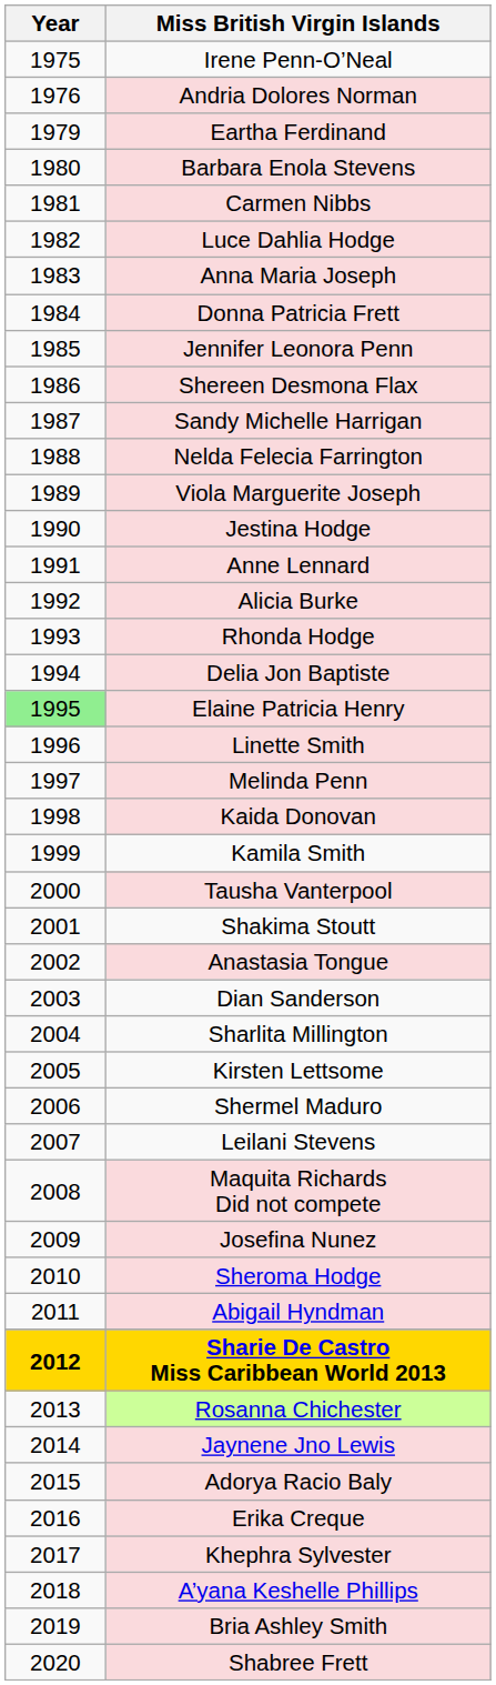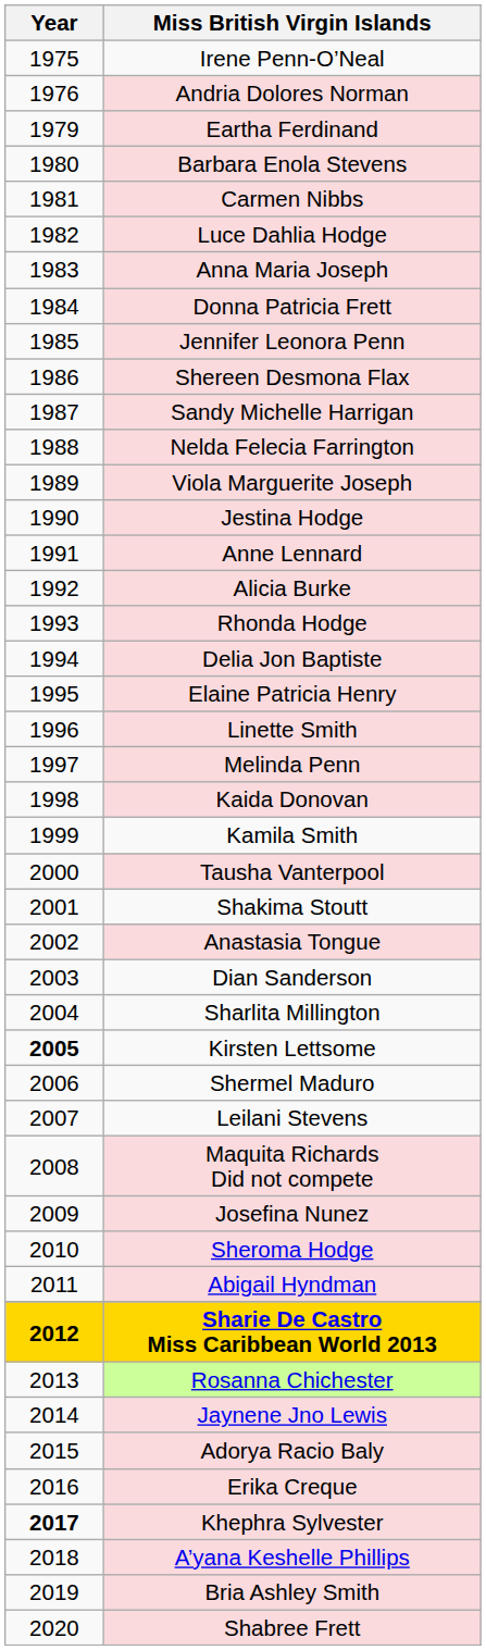 <table class="wikitable sortable" style="font-size: 95%; text-align:center">
 <tr>
 <th width="60">Year</th>
 <th width="250">Miss British Virgin Islands</th>
 </tr>
 <tr>
 <td>1975</td>
 <td>Irene Penn-O’Neal</td>
 </tr>
 <tr>
 <td>1976</td>
 <td style="background:#FADADD;">Andria Dolores Norman</td>
 </tr>
 <tr>
 <td>1979</td>
 <td style="background:#FADADD;">Eartha Ferdinand</td>
 </tr>
 <tr>
 <td>1980</td>
 <td style="background:#FADADD;">Barbara Enola Stevens</td>
 </tr>
 <tr>
 <td>1981</td>
 <td style="background:#FADADD;">Carmen Nibbs</td>
 </tr>
 <tr>
 <td>1982</td>
 <td style="background:#FADADD;">Luce Dahlia Hodge</td>
 </tr>
 <tr>
 <td>1983</td>
 <td style="background:#FADADD;">Anna Maria Joseph</td>
 </tr>
 <tr>
 <td>1984</td>
 <td style="background:#FADADD;">Donna Patricia Frett</td>
 </tr>
 <tr>
 <td>1985</td>
 <td style="background:#FADADD;">Jennifer Leonora Penn</td>
 </tr>
 <tr>
 <td>1986</td>
 <td style="background:#FADADD;">Shereen Desmona Flax</td>
 </tr>
 <tr>
 <td>1987</td>
 <td style="background:#FADADD;">Sandy Michelle Harrigan</td>
 </tr>
 <tr>
 <td>1988</td>
 <td style="background:#FADADD;">Nelda Felecia Farrington</td>
 </tr>
 <tr>
 <td>1989</td>
 <td style="background:#FADADD;">Viola Marguerite Joseph</td>
 </tr>
 <tr>
 <td>1990</td>
 <td style="background:#FADADD;">Jestina Hodge</td>
 </tr>
 <tr>
 <td>1991</td>
 <td style="background:#FADADD;">Anne Lennard</td>
 </tr>
 <tr>
 <td>1992</td>
 <td style="background:#FADADD;">Alicia Burke</td>
 </tr>
 <tr>
 <td>1993</td>
 <td style="background:#FADADD;">Rhonda Hodge</td>
 </tr>
 <tr>
 <td>1994</td>
 <td style="background:#FADADD;">Delia Jon Baptiste</td>
 </tr>
 <tr>
-<td style="background: lightgreen;">1995</td>
+<td>1995</td>
 <td style="background:#FADADD;">Elaine Patricia Henry</td>
 </tr>
 <tr>
 <td>1996</td>
 <td style="background:#FADADD;">Linette Smith</td>
 </tr>
 <tr>
 <td>1997</td>
 <td style="background:#FADADD;">Melinda Penn</td>
 </tr>
 <tr>
 <td>1998</td>
 <td style="background:#FADADD;">Kaida Donovan</td>
 </tr>
 <tr>
 <td>1999</td>
 <td>Kamila Smith</td>
 </tr>
 <tr>
 <td>2000</td>
 <td style="background:#FADADD;">Tausha Vanterpool</td>
 </tr>
 <tr>
 <td>2001</td>
 <td>Shakima Stoutt</td>
 </tr>
 <tr>
 <td>2002</td>
 <td style="background:#FADADD;">Anastasia Tongue</td>
 </tr>
 <tr>
 <td>2003</td>
 <td>Dian Sanderson</td>
 </tr>
 <tr>
 <td>2004</td>
 <td>Sharlita Millington</td>
 </tr>
 <tr>
-<td>2005</td>
+<td><strong>2005</strong></td>
 <td>Kirsten Lettsome</td>
 </tr>
 <tr>
 <td>2006</td>
 <td>Shermel Maduro</td>
 </tr>
 <tr>
 <td>2007</td>
 <td>Leilani Stevens</td>
 </tr>
 <tr>
 <td>2008</td>
 <td style="background:#FADADD;">Maquita Richards<br>Did not compete</td>
 </tr>
 <tr>
 <td>2009</td>
 <td style="background:#FADADD;">Josefina Nunez</td>
 </tr>
 <tr>
 <td>2010</td>
 <td style="background:#FADADD;"><a href='#'>Sheroma Hodge</a></td>
 </tr>
 <tr>
 <td>2011</td>
 <td style="background:#FADADD;"><a href='#'>Abigail Hyndman</a></td>
 </tr>
 <tr>
 </tr>
 <tr style="background-color:gold; font-weight: bold">
 <td>2012</td>
 <td><a href='#'>Sharie De Castro</a><br>Miss Caribbean World 2013</td>
 </tr>
 <tr>
 <td>2013</td>
 <td style="background:#CCFF99;"><a href='#'>Rosanna Chichester</a></td>
 </tr>
 <tr>
 <td>2014</td>
 <td style="background:#FADADD;"><a href='#'>Jaynene Jno Lewis</a></td>
 </tr>
 <tr>
 <td>2015</td>
 <td style="background:#FADADD;">Adorya Racio Baly</td>
 </tr>
 <tr>
 <td>2016</td>
 <td style="background:#FADADD;">Erika Creque</td>
 </tr>
 <tr>
-<td>2017</td>
+<td><strong>2017</strong></td>
 <td style="background:#FADADD;">Khephra Sylvester</td>
 </tr>
 <tr>
 <td>2018</td>
 <td style="background:#FADADD;"><a href='#'>A’yana Keshelle Phillips</a></td>
 </tr>
 <tr>
 <td>2019</td>
 <td style="background:#FADADD;">Bria Ashley Smith</td>
 </tr>
 <tr>
 <td>2020</td>
 <td style="background:#FADADD;">Shabree Frett</td>
 </tr>
 <tr>
 </tr>
 </table>
